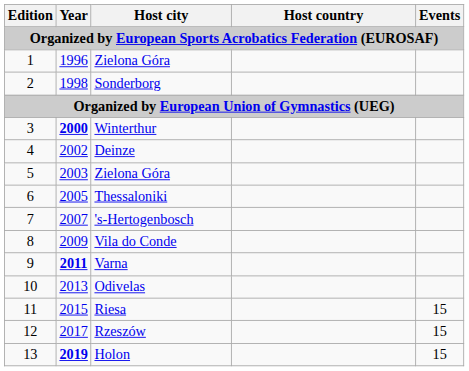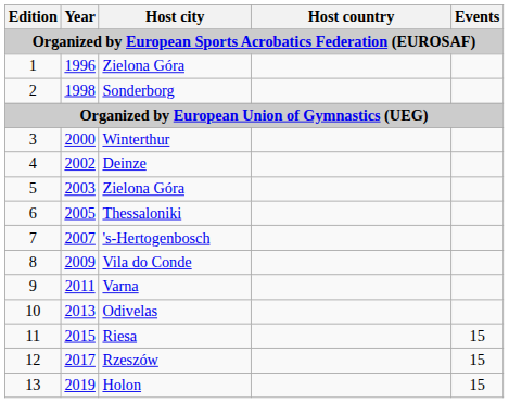 <table class="wikitable" style="font-size:100%">
 <tr>
 <th width=30>Edition</th>
 <th width=30>Year</th>
 <th width=150>Host city</th>
 <th width=200>Host country</th>
 <th width=30>Events</th>
 </tr>
 <tr>
 <td colspan="5" bgcolor="#cccccc"align=center><strong>Organized by <a href='#'>European Sports Acrobatics Federation</a> (EUROSAF)</strong></td>
 </tr>
 <tr>
 <td align=center>1</td>
 <td align=center><a href='#'>1996</a></td>
 <td><a href='#'>Zielona Góra</a></td>
 <td></td>
 <td align=center></td>
 </tr>
 <tr>
 <td align=center>2</td>
 <td align=center><a href='#'>1998</a></td>
 <td><a href='#'>Sonderborg</a></td>
 <td></td>
 <td align=center></td>
 </tr>
 <tr>
 <td colspan="5" bgcolor="#cccccc"align=center><strong>Organized by <a href='#'>European Union of Gymnastics</a> (UEG)</strong></td>
 </tr>
 <tr>
 <td align=center>3</td>
-<td align=center><strong><a href='#'>2000</a></strong></td>
+<td align=center><a href='#'>2000</a></td>
 <td><a href='#'>Winterthur</a></td>
 <td></td>
 <td align=center></td>
 </tr>
 <tr>
 <td align=center>4</td>
 <td align=center><a href='#'>2002</a></td>
 <td><a href='#'>Deinze</a></td>
 <td></td>
 <td align=center></td>
 </tr>
 <tr>
 <td align=center>5</td>
 <td align=center><a href='#'>2003</a></td>
 <td><a href='#'>Zielona Góra</a></td>
 <td></td>
 <td align=center></td>
 </tr>
 <tr>
 <td align=center>6</td>
 <td align=center><a href='#'>2005</a></td>
 <td><a href='#'>Thessaloniki</a></td>
 <td></td>
 <td align=center></td>
 </tr>
 <tr>
 <td align=center>7</td>
 <td align=center><a href='#'>2007</a></td>
 <td><a href='#'>'s-Hertogenbosch</a></td>
 <td></td>
 <td align=center></td>
 </tr>
 <tr>
 <td align=center>8</td>
 <td align=center><a href='#'>2009</a></td>
 <td><a href='#'>Vila do Conde</a></td>
 <td></td>
 <td align=center></td>
 </tr>
 <tr>
 <td align=center>9</td>
-<td align=center><strong><a href='#'>2011</a></strong></td>
+<td align=center><a href='#'>2011</a></td>
 <td><a href='#'>Varna</a></td>
 <td></td>
 <td align=center></td>
 </tr>
 <tr>
 <td align=center>10</td>
 <td align=center><a href='#'>2013</a></td>
 <td><a href='#'>Odivelas</a></td>
 <td></td>
 <td align=center></td>
 </tr>
 <tr>
 <td align=center>11</td>
 <td align=center><a href='#'>2015</a></td>
 <td><a href='#'>Riesa</a></td>
 <td></td>
 <td align=center>15</td>
 </tr>
 <tr>
 <td align=center>12</td>
 <td align=center><a href='#'>2017</a></td>
 <td><a href='#'>Rzeszów</a></td>
 <td></td>
 <td align=center>15</td>
 </tr>
 <tr>
 <td align=center>13</td>
-<td align=center><strong><a href='#'>2019</a></strong></td>
+<td align=center><a href='#'>2019</a></td>
 <td><a href='#'>Holon</a></td>
 <td></td>
 <td align=center>15</td>
 </tr>
 </table>
